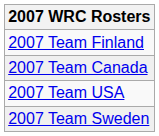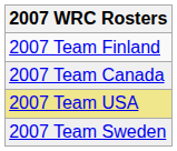 <table class=wikitable style="text-align:left;">
 <tr>
 <th>2007 WRC Rosters</th>
 </tr>
 <tr>
 <td> <a href='#'>2007 Team Finland</a></td>
 </tr>
 <tr bgcolor="#f0f0f0">
 <td> <a href='#'>2007 Team Canada</a></td>
 </tr>
 <tr>
-<td> <a href='#'>2007 Team USA</a></td>
+<td style="background: khaki;"> <a href='#'>2007 Team USA</a></td>
 </tr>
 <tr bgcolor="#f0f0f0">
 <td> <a href='#'>2007 Team Sweden</a></td>
 </tr>
 </table>
